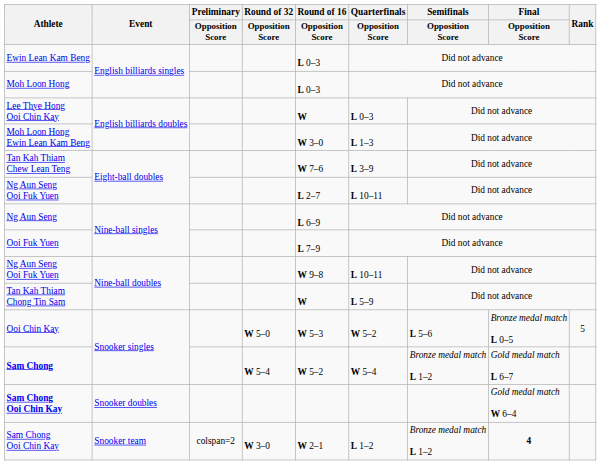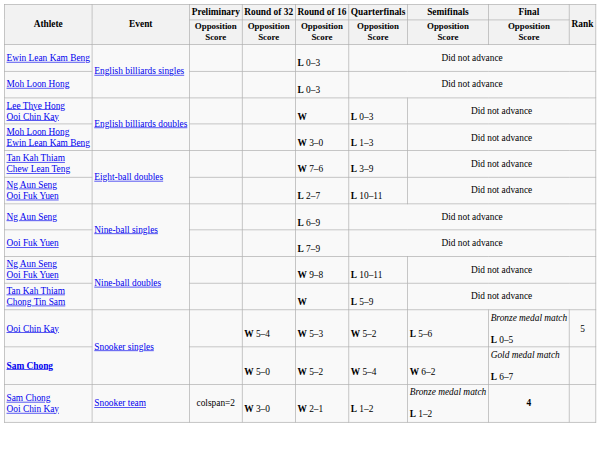 <table class=wikitable style="font-size:90%; text-align:center">
 <tr>
 <th rowspan=2>Athlete</th>
 <th rowspan=2>Event</th>
 <th>Preliminary</th>
 <th>Round of 32</th>
 <th>Round of 16</th>
 <th>Quarterfinals</th>
 <th>Semifinals</th>
 <th>Final</th>
 <th rowspan=2>Rank</th>
 </tr>
 <tr style="font-size:95%;">
 <th>Opposition<br>Score</th>
 <th>Opposition<br>Score</th>
 <th>Opposition<br>Score</th>
 <th>Opposition<br>Score</th>
 <th>Opposition<br>Score</th>
 <th>Opposition<br>Score</th>
 </tr>
 <tr>
 <td align=left><a href='#'>Ewin Lean Kam Beng</a></td>
 <td align=left rowspan=2><a href='#'>English billiards singles</a></td>
 <td></td>
 <td></td>
 <td align=left><br><strong>L</strong> 0–3</td>
 <td colspan=4>Did not advance</td>
 </tr>
 <tr>
 <td align=left><a href='#'>Moh Loon Hong</a></td>
 <td></td>
 <td></td>
 <td align=left><br><strong>L</strong> 0–3</td>
 <td colspan=4>Did not advance</td>
 </tr>
 <tr>
 <td align=left><a href='#'>Lee Thye Hong</a><br><a href='#'>Ooi Chin Kay</a></td>
 <td align=left rowspan=2><a href='#'>English billiards doubles</a></td>
 <td></td>
 <td></td>
 <td align=left><br><strong>W</strong></td>
 <td align=left><br><strong>L</strong> 0–3</td>
 <td colspan=3>Did not advance</td>
 </tr>
 <tr>
 <td align=left><a href='#'>Moh Loon Hong</a><br><a href='#'>Ewin Lean Kam Beng</a></td>
 <td></td>
 <td></td>
 <td align=left><br><strong>W</strong> 3–0</td>
 <td align=left><br><strong>L</strong> 1–3</td>
 <td colspan=3>Did not advance</td>
 </tr>
 <tr>
 <td align=left><a href='#'>Tan Kah Thiam</a><br><a href='#'>Chew Lean Teng</a></td>
 <td align=left rowspan=2><a href='#'>Eight-ball doubles</a></td>
 <td></td>
 <td></td>
 <td align=left><br><strong>W</strong> 7–6</td>
 <td align=left><br><strong>L</strong> 3–9</td>
 <td colspan=3>Did not advance</td>
 </tr>
 <tr>
 <td align=left><a href='#'>Ng Aun Seng</a><br><a href='#'>Ooi Fuk Yuen</a></td>
 <td></td>
 <td></td>
 <td align=left><br><strong>L</strong> 2–7</td>
 <td align=left><br><strong>L</strong> 10–11</td>
 <td colspan=3>Did not advance</td>
 </tr>
 <tr>
 <td align=left><a href='#'>Ng Aun Seng</a></td>
 <td align=left rowspan=2><a href='#'>Nine-ball singles</a></td>
 <td></td>
 <td></td>
 <td align=left><br><strong>L</strong> 6–9</td>
 <td colspan=4>Did not advance</td>
 </tr>
 <tr>
 <td align=left><a href='#'>Ooi Fuk Yuen</a></td>
 <td></td>
 <td></td>
 <td align=left><br><strong>L</strong> 7–9</td>
 <td colspan=4>Did not advance</td>
 </tr>
 <tr>
 <td align=left><a href='#'>Ng Aun Seng</a><br><a href='#'>Ooi Fuk Yuen</a></td>
 <td align=left rowspan=2><a href='#'>Nine-ball doubles</a></td>
 <td></td>
 <td></td>
 <td align=left><br><strong>W</strong> 9–8</td>
 <td align=left><br><strong>L</strong> 10–11</td>
 <td colspan=3>Did not advance</td>
 </tr>
 <tr>
 <td align=left><a href='#'>Tan Kah Thiam</a><br><a href='#'>Chong Tin Sam</a></td>
 <td></td>
 <td></td>
 <td align=left><br><strong>W</strong></td>
 <td align=left><br><strong>L</strong> 5–9</td>
 <td colspan=3>Did not advance</td>
 </tr>
 <tr>
 <td align=left><a href='#'>Ooi Chin Kay</a></td>
 <td align=left rowspan=2><a href='#'>Snooker singles</a></td>
 <td></td>
-<td align=left><br><strong>W</strong> 5–0</td>
+<td align=left><br><strong>W</strong> 5–4</td>
 <td align=left><br><strong>W</strong> 5–3</td>
 <td align=left><br><strong>W</strong> 5–2</td>
 <td align=left><br><strong>L</strong> 5–6</td>
 <td align=left><em>Bronze medal match</em><br><br><strong>L</strong> 0–5</td>
 <td>5</td>
 </tr>
 <tr>
 <td align=left><strong><a href='#'>Sam Chong</a></strong></td>
 <td></td>
-<td align=left><br><strong>W</strong> 5–4</td>
+<td align=left><br><strong>W</strong> 5–0</td>
 <td align=left><br><strong>W</strong> 5–2</td>
 <td align=left><br><strong>W</strong> 5–4</td>
-<td align=left><em>Bronze medal match</em><br><br><strong>L</strong> 1–2</td>
+<td align=left><br><strong>W</strong> 6–2</td>
 <td align=left><em>Gold medal match</em><br><br><strong>L</strong> 6–7</td>
-<td></td>
-</tr>
-<tr>
-<td align=left><strong><a href='#'>Sam Chong</a><br><a href='#'>Ooi Chin Kay</a></strong></td>
-<td align=left><a href='#'>Snooker doubles</a></td>
-<td></td>
-<td></td>
-<td></td>
-<td></td>
-<td></td>
-<td align=left><em>Gold medal match</em><br><br><strong>W</strong> 6–4</td>
 <td></td>
 </tr>
 <tr>
 <td align=left><a href='#'>Sam Chong</a><br><a href='#'>Ooi Chin Kay</a></td>
 <td align=left><a href='#'>Snooker team</a></td>
 <td>colspan=2 </td>
 <td align=left><br><strong>W</strong> 3–0</td>
 <td align=left><br><strong>W</strong> 2–1</td>
 <td align=left><br><strong>L</strong> 1–2</td>
 <td align=left><em>Bronze medal match</em><br><br><strong>L</strong> 1–2</td>
 <td><strong>4</strong></td>
 </tr>
 </table>
